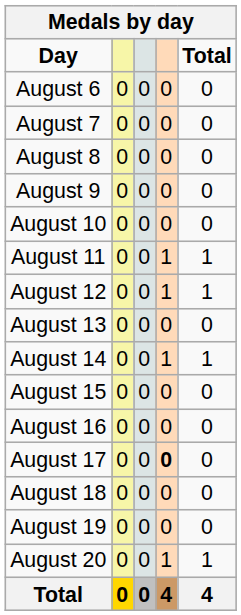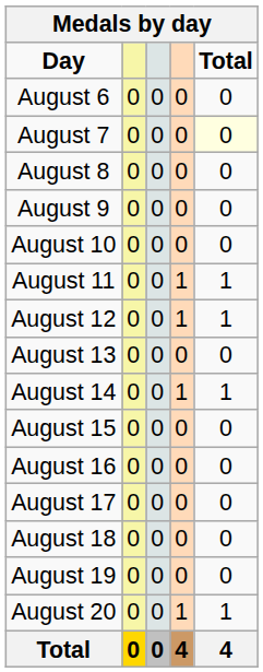 <table class="wikitable" style="font-size:85%; float:right">
 <tr align=center>
 <th colspan=7>Medals by day</th>
 </tr>
 <tr align=center>
 <td><strong>Day</strong></td>
 <td style="background:#f7f6a8;"></td>
 <td style="background:#dce5e5;"></td>
 <td style="background:#ffdab9;"></td>
 <td><strong>Total</strong></td>
 </tr>
 <tr align=center>
 <td>August 6</td>
 <td style="background:#f7f6a8;">0</td>
 <td style="background:#dce5e5;">0</td>
 <td style="background:#ffdab9;">0</td>
 <td>0</td>
 </tr>
 <tr align=center>
 <td>August 7</td>
 <td style="background:#f7f6a8;">0</td>
 <td style="background:#dce5e5;">0</td>
 <td style="background:#ffdab9;">0</td>
-<td>0</td>
+<td style="background: lightyellow;">0</td>
 </tr>
 <tr align=center>
 <td>August 8</td>
 <td style="background:#f7f6a8;">0</td>
 <td style="background:#dce5e5;">0</td>
 <td style="background:#ffdab9;">0</td>
 <td>0</td>
 </tr>
 <tr align=center>
 <td>August 9</td>
 <td style="background:#f7f6a8;">0</td>
 <td style="background:#dce5e5;">0</td>
 <td style="background:#ffdab9;">0</td>
 <td>0</td>
 </tr>
 <tr align=center>
 <td>August 10</td>
 <td style="background:#f7f6a8;">0</td>
 <td style="background:#dce5e5;">0</td>
 <td style="background:#ffdab9;">0</td>
 <td>0</td>
 </tr>
 <tr align=center>
 <td>August 11</td>
 <td style="background:#f7f6a8;">0</td>
 <td style="background:#dce5e5;">0</td>
 <td style="background:#ffdab9;">1</td>
 <td>1</td>
 </tr>
 <tr align=center>
 <td>August 12</td>
 <td style="background:#f7f6a8;">0</td>
 <td style="background:#dce5e5;">0</td>
 <td style="background:#ffdab9;">1</td>
 <td>1</td>
 </tr>
 <tr align=center>
 <td>August 13</td>
 <td style="background:#f7f6a8;">0</td>
 <td style="background:#dce5e5;">0</td>
 <td style="background:#ffdab9;">0</td>
 <td>0</td>
 </tr>
 <tr align=center>
 <td>August 14</td>
 <td style="background:#f7f6a8;">0</td>
 <td style="background:#dce5e5;">0</td>
 <td style="background:#ffdab9;">1</td>
 <td>1</td>
 </tr>
 <tr align=center>
 <td>August 15</td>
 <td style="background:#f7f6a8;">0</td>
 <td style="background:#dce5e5;">0</td>
 <td style="background:#ffdab9;">0</td>
 <td>0</td>
 </tr>
 <tr align=center>
 <td>August 16</td>
 <td style="background:#f7f6a8;">0</td>
 <td style="background:#dce5e5;">0</td>
 <td style="background:#ffdab9;">0</td>
 <td>0</td>
 </tr>
 <tr align=center>
 <td>August 17</td>
 <td style="background:#f7f6a8;">0</td>
 <td style="background:#dce5e5;">0</td>
-<td style="background:#ffdab9;"><strong>0</strong></td>
+<td style="background:#ffdab9;">0</td>
 <td>0</td>
 </tr>
 <tr align=center>
 <td>August 18</td>
 <td style="background:#f7f6a8;">0</td>
 <td style="background:#dce5e5;">0</td>
 <td style="background:#ffdab9;">0</td>
 <td>0</td>
 </tr>
 <tr align=center>
 <td>August 19</td>
 <td style="background:#f7f6a8;">0</td>
 <td style="background:#dce5e5;">0</td>
 <td style="background:#ffdab9;">0</td>
 <td>0</td>
 </tr>
 <tr align=center>
 <td>August 20</td>
 <td style="background:#f7f6a8;">0</td>
 <td style="background:#dce5e5;">0</td>
 <td style="background:#ffdab9;">1</td>
 <td>1</td>
 </tr>
 <tr align=center>
 <th>Total</th>
 <th style="background:gold;">0</th>
 <th style="background:silver;">0</th>
 <th style="background:#c96;">4</th>
 <th>4</th>
 </tr>
 </table>
